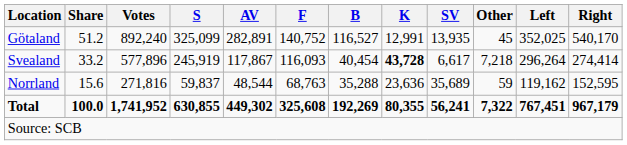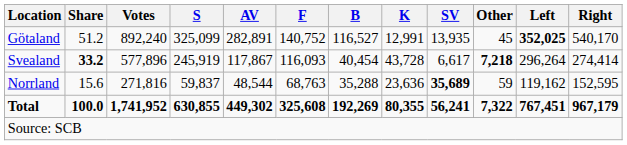 <table class="wikitable sortable" style=text-align:right>
 <tr>
 <th>Location</th>
 <th>Share</th>
 <th>Votes</th>
 <th><a href='#'>S</a></th>
 <th><a href='#'>AV</a></th>
 <th><a href='#'>F</a></th>
 <th><a href='#'>B</a></th>
 <th><a href='#'>K</a></th>
 <th><a href='#'>SV</a></th>
 <th>Other</th>
 <th>Left</th>
 <th>Right</th>
 </tr>
 <tr>
 <td align=left><a href='#'>Götaland</a></td>
 <td>51.2</td>
 <td>892,240</td>
 <td>325,099</td>
 <td>282,891</td>
 <td>140,752</td>
 <td>116,527</td>
 <td>12,991</td>
 <td>13,935</td>
 <td>45</td>
-<td>352,025</td>
+<td><strong>352,025</strong></td>
 <td>540,170</td>
 </tr>
 <tr>
 <td align=left><a href='#'>Svealand</a></td>
-<td>33.2</td>
+<td><strong>33.2</strong></td>
 <td>577,896</td>
 <td>245,919</td>
 <td>117,867</td>
 <td>116,093</td>
 <td>40,454</td>
-<td><strong>43,728</strong></td>
+<td>43,728</td>
 <td>6,617</td>
-<td>7,218</td>
+<td><strong>7,218</strong></td>
 <td>296,264</td>
 <td>274,414</td>
 </tr>
 <tr>
 <td align=left><a href='#'>Norrland</a></td>
 <td>15.6</td>
 <td>271,816</td>
 <td>59,837</td>
 <td>48,544</td>
 <td>68,763</td>
 <td>35,288</td>
 <td>23,636</td>
-<td>35,689</td>
+<td><strong>35,689</strong></td>
 <td>59</td>
 <td>119,162</td>
 <td>152,595</td>
 </tr>
 <tr>
 <td align=left><strong>Total</strong></td>
 <td><strong>100.0</strong></td>
 <td><strong>1,741,952</strong></td>
 <td><strong>630,855</strong></td>
 <td><strong>449,302</strong></td>
 <td><strong>325,608</strong></td>
 <td><strong>192,269</strong></td>
 <td><strong>80,355</strong></td>
 <td><strong>56,241</strong></td>
 <td><strong>7,322</strong></td>
 <td><strong>767,451</strong></td>
 <td><strong>967,179</strong></td>
 </tr>
 <tr>
 <td align=left colspan=12>Source: SCB </td>
 </tr>
 </table>
